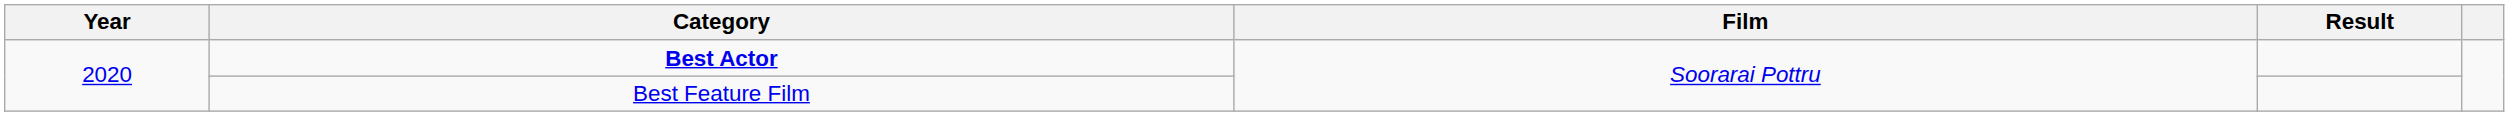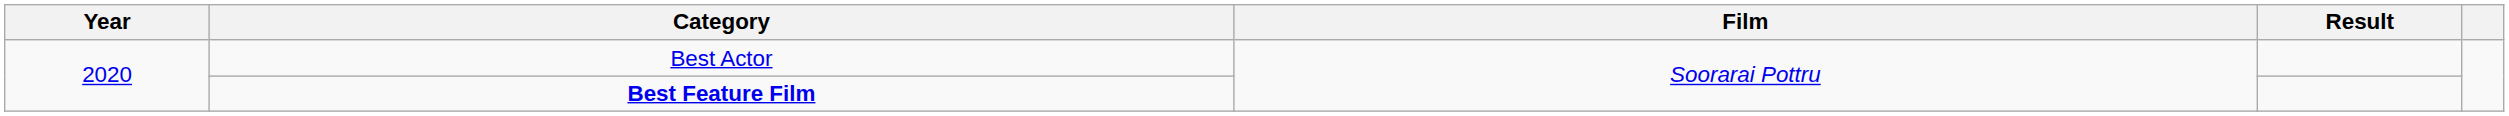 <table class="wikitable sortable" style="width:90%;">
 <tr>
 <th style="width:5%;">Year</th>
 <th style="width:25%;">Category</th>
 <th style="width:25%;">Film</th>
 <th style="width:5%;">Result</th>
 <th style="width:1%;" class="unsortable"></th>
 </tr>
 <tr>
 <td rowspan="2" style="text-align:center;"><a href='#'>2020</a></td>
-<td style="text-align:center;"><strong><a href='#'>Best Actor</a></strong></td>
+<td style="text-align:center;"><a href='#'>Best Actor</a></td>
 <td rowspan="2" style="text-align:center;"><em><a href='#'>Soorarai Pottru</a></em></td>
 <td></td>
 <td rowspan="2"></td>
 </tr>
 <tr>
-<td style="text-align:center;"><a href='#'>Best Feature Film</a></td>
+<td style="text-align:center;"><strong><a href='#'>Best Feature Film</a></strong></td>
 <td></td>
 </tr>
 </table>
